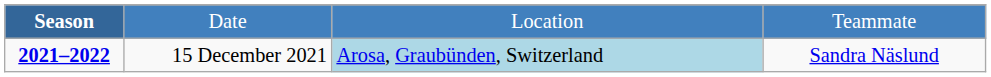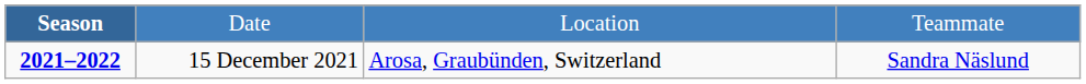 <table class="wikitable"  style="font-size:95%; text-align:center; border:gray solid 1px; width:58%;">
 <tr style="background:#369; color:white;">
 <td rowspan="2" style="width:8%;"><strong>Season</strong></td>
 </tr>
 <tr style="background:#4180be; color:white;">
 <td width="14%">Date</td>
 <td width="29%">Location</td>
 <td width="15%">Teammate</td>
 </tr>
 <tr>
 <td rowspan="1" style="text-align:center;"><strong><a href='#'>2021–2022</a></strong></td>
 <td align=right>15 December 2021</td>
-<td align=left style="background: lightblue;"> <a href='#'>Arosa</a>, <a href='#'>Graubünden</a>, Switzerland</td>
+<td align=left> <a href='#'>Arosa</a>, <a href='#'>Graubünden</a>, Switzerland</td>
 <td><a href='#'>Sandra Näslund</a></td>
 </tr>
 </table>
